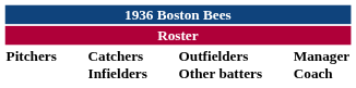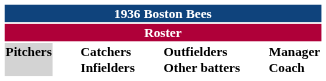 <table class="toccolours" style="font-size: 95%;">
 <tr>
 <th colspan="10" style="background-color: #0f437c; color: white; text-align: center;">1936 Boston Bees</th>
 </tr>
 <tr>
 <td colspan="10" style="background-color: #af0039; color: white; text-align: center;"><strong>Roster</strong></td>
 </tr>
 <tr>
-<td valign="top"><strong>Pitchers</strong><br>                   </td>
+<td valign="top" style="background: lightgrey;"><strong>Pitchers</strong><br>                   </td>
 <td width="25px"></td>
 <td valign="top"><strong>Catchers</strong><br>   <strong>Infielders</strong>        </td>
 <td width="25px"></td>
 <td valign="top"><strong>Outfielders</strong><br>    <strong>Other batters</strong>  </td>
 <td width="25px"></td>
 <td valign="top"><strong>Manager</strong><br> <strong>Coach</strong> </td>
 </tr>
 </table>
